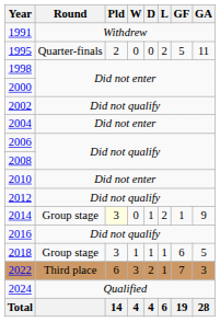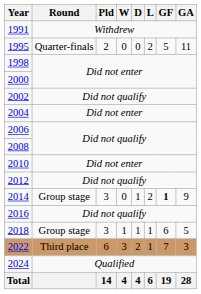 <table class="wikitable" style="text-align: center;">
 <tr>
 <th>Year</th>
 <th>Round</th>
 <th>Pld</th>
 <th>W</th>
 <th>D</th>
 <th>L</th>
 <th>GF</th>
 <th>GA</th>
 </tr>
 <tr>
 <td><a href='#'>1991</a></td>
 <td colspan=8><em>Withdrew</em></td>
 </tr>
 <tr>
 <td><a href='#'>1995</a></td>
 <td>Quarter-finals</td>
 <td>2</td>
 <td>0</td>
 <td>0</td>
 <td>2</td>
 <td>5</td>
 <td>11</td>
 </tr>
 <tr>
 <td> <a href='#'>1998</a></td>
 <td colspan=8 rowspan=2><em>Did not enter</em></td>
 </tr>
 <tr>
 <td> <a href='#'>2000</a></td>
 </tr>
 <tr>
 <td> <a href='#'>2002</a></td>
 <td colspan=8><em>Did not qualify</em></td>
 </tr>
 <tr>
 <td> <a href='#'>2004</a></td>
 <td colspan=8><em>Did not enter</em></td>
 </tr>
 <tr>
 <td> <a href='#'>2006</a></td>
 <td colspan=8 rowspan=2><em>Did not qualify</em></td>
 </tr>
 <tr>
 <td> <a href='#'>2008</a></td>
 </tr>
 <tr>
 <td> <a href='#'>2010</a></td>
 <td colspan=8><em>Did not enter</em></td>
 </tr>
 <tr>
 <td> <a href='#'>2012</a></td>
 <td colspan=8><em>Did not qualify</em></td>
 </tr>
 <tr>
 <td> <a href='#'>2014</a></td>
 <td>Group stage</td>
-<td style="background: lightyellow;">3</td>
+<td>3</td>
 <td>0</td>
 <td>1</td>
 <td>2</td>
-<td>1</td>
+<td><strong>1</strong></td>
 <td>9</td>
 </tr>
 <tr>
 <td> <a href='#'>2016</a></td>
 <td colspan=8><em>Did not qualify</em></td>
 </tr>
 <tr>
 <td> <a href='#'>2018</a></td>
 <td>Group stage</td>
 <td>3</td>
 <td>1</td>
 <td>1</td>
 <td>1</td>
 <td>6</td>
 <td>5</td>
 </tr>
 <tr bgcolor="#cc9966">
 <td> <a href='#'>2022</a></td>
 <td>Third place</td>
 <td>6</td>
 <td>3</td>
 <td>2</td>
 <td>1</td>
 <td>7</td>
 <td>3</td>
 </tr>
 <tr>
 <td> <a href='#'>2024</a></td>
 <td colspan=8><em>Qualified</em></td>
 </tr>
 <tr>
 <th>Total</th>
 <th></th>
 <th>14</th>
 <th>4</th>
 <th>4</th>
 <th>6</th>
 <th>19</th>
 <th>28</th>
 </tr>
 </table>
